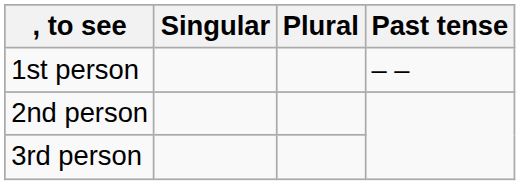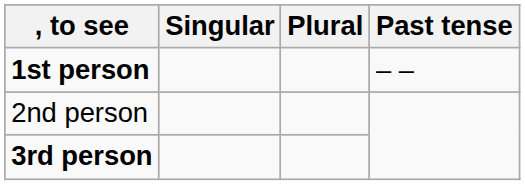 <table class="wikitable">
 <tr>
 <th>, to see</th>
 <th>Singular</th>
 <th>Plural</th>
 <th>Past tense</th>
 </tr>
 <tr>
-<td>1st person</td>
+<td><strong>1st person</strong></td>
 <td></td>
 <td></td>
 <td> –  – </td>
 </tr>
 <tr>
 <td>2nd person</td>
 <td></td>
 <td></td>
 </tr>
 <tr>
-<td>3rd person</td>
+<td><strong>3rd person</strong></td>
 <td></td>
 <td></td>
 </tr>
 </table>
